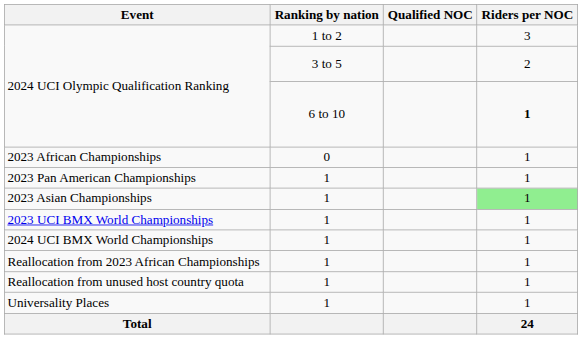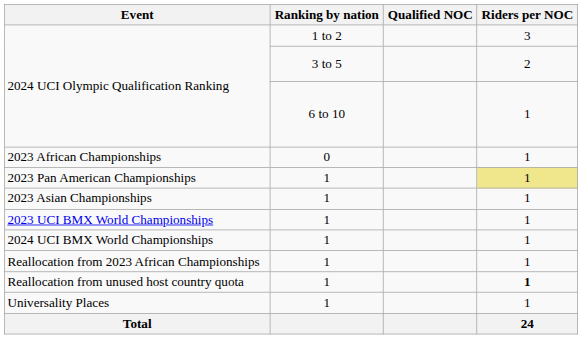 <table class="wikitable"  style="width:700px; text-align:center;">
 <tr>
 <th>Event</th>
 <th>Ranking by nation</th>
 <th>Qualified NOC</th>
 <th>Riders per NOC</th>
 </tr>
 <tr>
 <td rowspan=3 align=left>2024 UCI Olympic Qualification Ranking</td>
 <td>1 to 2</td>
 <td align=left><br></td>
 <td>3</td>
 </tr>
 <tr>
 <td>3 to 5</td>
 <td align=left><br><br></td>
 <td>2</td>
 </tr>
 <tr>
 <td>6 to 10</td>
 <td align=left><br><br><br><br></td>
-<td><strong>1</strong></td>
+<td>1</td>
 </tr>
 <tr>
 <td align=left>2023 African Championships</td>
 <td>0</td>
 <td></td>
 <td>1</td>
 </tr>
 <tr>
 <td align=left>2023 Pan American Championships</td>
 <td>1</td>
 <td align=left></td>
-<td>1</td>
+<td style="background: khaki;">1</td>
 </tr>
 <tr>
 <td align=left>2023 Asian Championships</td>
 <td>1</td>
 <td align=left></td>
-<td style="background: lightgreen;">1</td>
+<td>1</td>
 </tr>
 <tr>
 <td align=left><a href='#'>2023 UCI BMX World Championships</a></td>
 <td>1</td>
 <td align=left></td>
 <td>1</td>
 </tr>
 <tr>
 <td align=left>2024 UCI BMX World Championships</td>
 <td>1</td>
 <td align=left></td>
 <td>1</td>
 </tr>
 <tr>
 <td align=left>Reallocation from 2023 African Championships</td>
 <td>1</td>
 <td align=left></td>
 <td>1</td>
 </tr>
 <tr>
 <td align=left>Reallocation from unused host country quota</td>
 <td>1</td>
 <td align=left></td>
-<td>1</td>
+<td><strong>1</strong></td>
 </tr>
 <tr>
 <td align=left>Universality Places</td>
 <td>1</td>
 <td align=left></td>
 <td>1</td>
 </tr>
 <tr>
 <th>Total</th>
 <th></th>
 <th></th>
 <th>24</th>
 </tr>
 </table>
